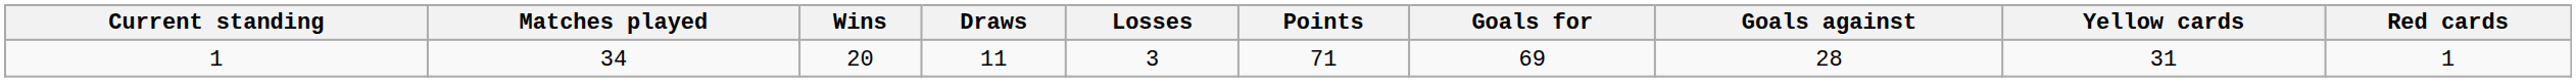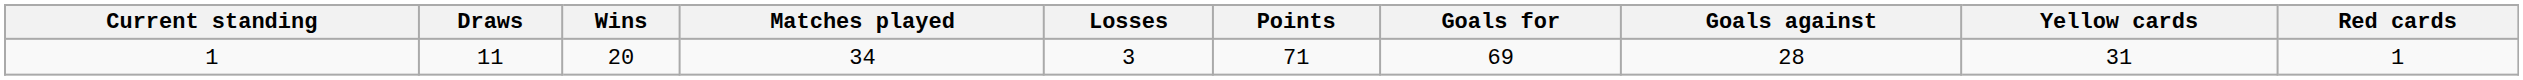 <table class="wikitable" style="width:100%; font-size:85%;">
 <tr>
 <th align=center>Current standing</th>
+<th align=center>Draws</th>
+<th align=center>Wins</th>
 <th align=center>Matches played</th>
-<th align=center>Wins</th>
-<th align=center>Draws</th>
 <th align=center>Losses</th>
 <th align=center>Points</th>
 <th align=center>Goals for<br></th>
 <th align=center>Goals against<br></th>
 <th align=center>Yellow cards<br></th>
 <th align=center>Red cards<br> </th>
 </tr>
 <tr>
 <td align=center>1</td>
+<td align=center>11</td>
+<td align=center>20</td>
 <td align=center>34</td>
-<td align=center>20</td>
-<td align=center>11</td>
 <td align=center>3</td>
 <td align=center>71</td>
 <td align=center>69</td>
 <td align=center>28</td>
 <td align=center>31</td>
 <td align=center>1</td>
 </tr>
 </table>
